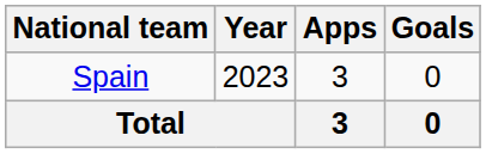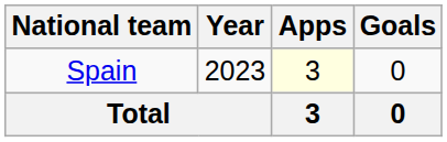 <table class="wikitable" style="text-align:center">
 <tr>
 <th>National team</th>
 <th>Year</th>
 <th>Apps</th>
 <th>Goals</th>
 </tr>
 <tr>
 <td><a href='#'>Spain</a></td>
 <td>2023</td>
-<td>3</td>
+<td style="background: lightyellow;">3</td>
 <td>0</td>
 </tr>
 <tr>
 <th colspan="2">Total</th>
 <th>3</th>
 <th>0</th>
 </tr>
 </table>
